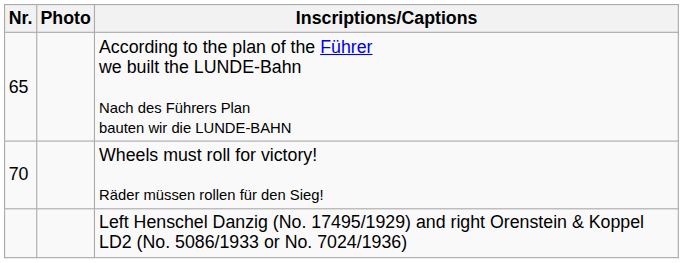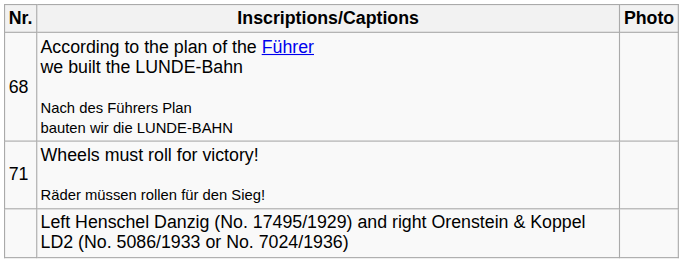 <table class="wikitable">
 <tr>
 <th>Nr.</th>
+<th>Inscriptions/Captions</th>
 <th>Photo</th>
-<th>Inscriptions/Captions</th>
 </tr>
 <tr>
-<td>65</td>
+<td>68</td>
+<td>According to the plan of the <a href='#'>Führer</a> <br> we built the LUNDE-Bahn<br><br><small>Nach des Führers Plan <br></small> <small>bauten wir die LUNDE-BAHN</small></td>
 <td></td>
-<td>According to the plan of the <a href='#'>Führer</a> <br> we built the LUNDE-Bahn<br><br><small>Nach des Führers Plan <br></small> <small>bauten wir die LUNDE-BAHN</small></td>
 </tr>
 <tr>
-<td>70</td>
+<td>71</td>
+<td>Wheels must roll for victory!<br><br><small>Räder müssen rollen für den Sieg!</small></td>
 <td></td>
-<td>Wheels must roll for victory!<br><br><small>Räder müssen rollen für den Sieg!</small></td>
 </tr>
 <tr>
 <td></td>
+<td>Left Henschel Danzig (No. 17495/1929) and right Orenstein & Koppel LD2 (No. 5086/1933 or No. 7024/1936)</td>
 <td></td>
-<td>Left Henschel Danzig (No. 17495/1929) and right Orenstein & Koppel LD2 (No. 5086/1933 or No. 7024/1936)</td>
 </tr>
 </table>
